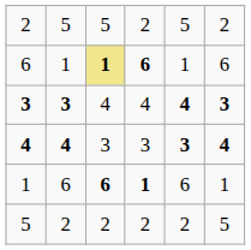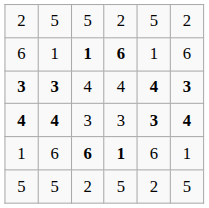 <table class="wikitable" style="margin-left:auto;margin-right:auto;text-align:center;width:12em;height:12em;table-layout:fixed;">
 <tr>
 <td>2</td>
 <td>5</td>
 <td>5</td>
 <td>2</td>
 <td>5</td>
 <td>2</td>
 </tr>
 <tr>
 <td>6</td>
 <td>1</td>
-<td style="background: khaki;"><strong>1</strong></td>
+<td><strong>1</strong></td>
 <td><strong>6</strong></td>
 <td>1</td>
 <td>6</td>
 </tr>
 <tr>
 <td><strong>3</strong></td>
 <td><strong>3</strong></td>
 <td>4</td>
 <td>4</td>
 <td><strong>4</strong></td>
 <td><strong>3</strong></td>
 </tr>
 <tr>
 <td><strong>4</strong></td>
 <td><strong>4</strong></td>
 <td>3</td>
 <td>3</td>
 <td><strong>3</strong></td>
 <td><strong>4</strong></td>
 </tr>
 <tr>
 <td>1</td>
 <td>6</td>
 <td><strong>6</strong></td>
 <td><strong>1</strong></td>
 <td>6</td>
 <td>1</td>
 </tr>
 <tr>
 <td>5</td>
+<td>5</td>
 <td>2</td>
-<td>2</td>
-<td>2</td>
+<td>5</td>
 <td>2</td>
 <td>5</td>
 </tr>
 </table>
